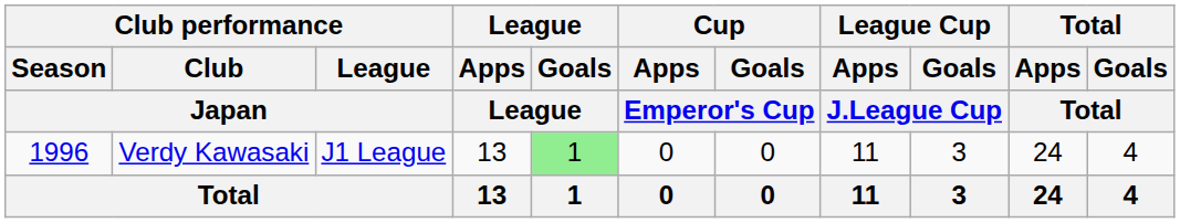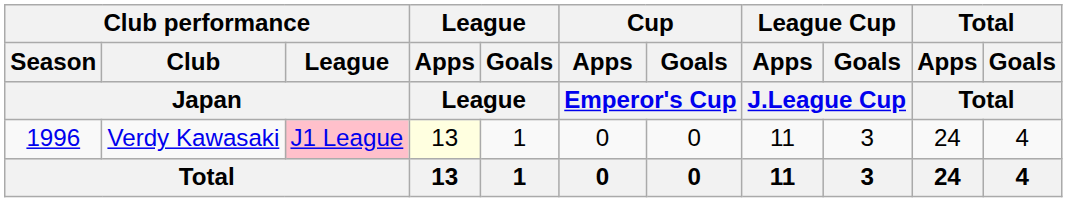 <table class="wikitable" style="text-align:center;">
 <tr>
 <th colspan=3>Club performance</th>
 <th colspan=2>League</th>
 <th colspan=2>Cup</th>
 <th colspan=2>League Cup</th>
 <th colspan=2>Total</th>
 </tr>
 <tr>
 <th>Season</th>
 <th>Club</th>
 <th>League</th>
 <th>Apps</th>
 <th>Goals</th>
 <th>Apps</th>
 <th>Goals</th>
 <th>Apps</th>
 <th>Goals</th>
 <th>Apps</th>
 <th>Goals</th>
 </tr>
 <tr>
 <th colspan=3>Japan</th>
 <th colspan=2>League</th>
 <th colspan=2><a href='#'>Emperor's Cup</a></th>
 <th colspan=2><a href='#'>J.League Cup</a></th>
 <th colspan=2>Total</th>
 </tr>
 <tr>
 <td><a href='#'>1996</a></td>
 <td><a href='#'>Verdy Kawasaki</a></td>
-<td><a href='#'>J1 League</a></td>
-<td>13</td>
-<td style="background: lightgreen;">1</td>
+<td style="background: pink;"><a href='#'>J1 League</a></td>
+<td style="background: lightyellow;">13</td>
+<td>1</td>
 <td>0</td>
 <td>0</td>
 <td>11</td>
 <td>3</td>
 <td>24</td>
 <td>4</td>
 </tr>
 <tr>
 <th colspan=3>Total</th>
 <th>13</th>
 <th>1</th>
 <th>0</th>
 <th>0</th>
 <th>11</th>
 <th>3</th>
 <th>24</th>
 <th>4</th>
 </tr>
 </table>
